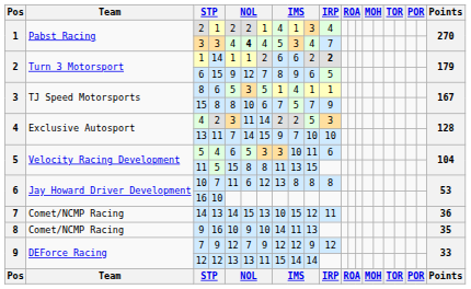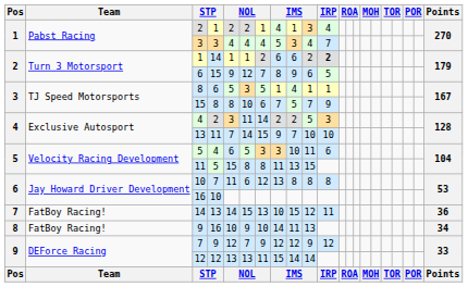 <table class="wikitable" style="font-size:85%; text-align:center">
 <tr>
 <th valign="middle">Pos</th>
 <th valign="middle">Team</th>
 <th colspan="2"><a href='#'>STP</a></th>
 <th colspan="3"><a href='#'>NOL</a></th>
 <th colspan="3"><a href='#'>IMS</a></th>
 <th><a href='#'>IRP</a></th>
 <th colspan="3"><a href='#'>ROA</a></th>
 <th colspan="2"><a href='#'>MOH</a></th>
 <th colspan="2"><a href='#'>TOR</a></th>
 <th colspan="2"><a href='#'>POR</a></th>
 <th valign="middle">Points</th>
 </tr>
 <tr>
 <th rowspan="2">1</th>
 <td rowspan="2" align="left"><a href='#'>Pabst Racing</a></td>
 <td style="background:#DFDFDF;">2</td>
 <td style="background:#FFFFBF;">1</td>
 <td style="background:#DFDFDF;">2</td>
 <td style="background:#DFDFDF;">2</td>
 <td style="background:#FFFFBF;">1</td>
 <td style="background:#DFFFDF;">4</td>
 <td style="background:#FFFFBF;">1</td>
 <td style="background:#FFDF9F;">3</td>
 <td style="background:#DFFFDF;">4</td>
 <td></td>
 <td></td>
 <td></td>
 <td></td>
 <td></td>
 <td></td>
 <td></td>
 <td></td>
 <td></td>
 <th rowspan="2">270</th>
 </tr>
 <tr>
 <td style="background:#FFDF9F;">3</td>
 <td style="background:#FFDF9F;">3</td>
 <td style="background:#DFFFDF;">4</td>
-<td style="background:#DFFFDF;"><strong>4</strong></td>
+<td style="background:#DFFFDF;">4</td>
 <td style="background:#DFFFDF;">4</td>
 <td style="background:#DFFFDF;">5</td>
 <td style="background:#FFDF9F;">3</td>
 <td style="background:#DFFFDF;">4</td>
 <td style="background:#CFEAFF;">7</td>
 <td></td>
 <td></td>
 <td></td>
 <td></td>
 <td></td>
 <td></td>
 <td></td>
 <td></td>
 <td></td>
 </tr>
 <tr>
 <th rowspan="2">2</th>
 <td rowspan="2" align="left"><a href='#'>Turn 3 Motorsport</a></td>
 <td style="background:#FFFFBF;">1</td>
 <td style="background:#CFEAFF;">14</td>
 <td style="background:#FFFFBF;">1</td>
 <td style="background:#FFFFBF;">1</td>
 <td style="background:#DFDFDF;">2</td>
 <td style="background:#CFEAFF;">6</td>
 <td style="background:#CFEAFF;">6</td>
 <td style="background:#DFDFDF;">2</td>
 <td style="background:#DFDFDF;"><strong>2</strong></td>
 <td></td>
 <td></td>
 <td></td>
 <td></td>
 <td></td>
 <td></td>
 <td></td>
 <td></td>
 <td></td>
 <th rowspan="2">179</th>
 </tr>
 <tr>
 <td style="background:#CFEAFF;">6</td>
 <td style="background:#CFEAFF;">15</td>
 <td style="background:#CFEAFF;">9</td>
 <td style="background:#CFEAFF;">12</td>
 <td style="background:#CFEAFF;">7</td>
 <td style="background:#CFEAFF;">8</td>
 <td style="background:#CFEAFF;">9</td>
 <td style="background:#CFEAFF;">6</td>
 <td style="background:#DFFFDF;">5</td>
 <td></td>
 <td></td>
 <td></td>
 <td></td>
 <td></td>
 <td></td>
 <td></td>
 <td></td>
 <td></td>
 </tr>
 <tr>
 <th rowspan="2">3</th>
 <td rowspan="2" align="left">TJ Speed Motorsports</td>
 <td style="background:#CFEAFF;">8</td>
 <td style="background:#CFEAFF;">6</td>
 <td style="background:#DFFFDF;">5</td>
 <td style="background:#FFDF9F;">3</td>
 <td style="background:#DFFFDF;">5</td>
 <td style="background:#FFFFBF;">1</td>
 <td style="background:#DFFFDF;">4</td>
 <td style="background:#FFFFBF;">1</td>
 <td style="background:#FFFFBF;">1</td>
 <td></td>
 <td></td>
 <td></td>
 <td></td>
 <td></td>
 <td></td>
 <td></td>
 <td></td>
 <td></td>
 <th rowspan="2">167</th>
 </tr>
 <tr>
 <td style="background:#CFEAFF;">15</td>
 <td style="background:#CFEAFF;">8</td>
 <td style="background:#CFEAFF;">8</td>
 <td style="background:#CFEAFF;">10</td>
 <td style="background:#CFEAFF;">6</td>
 <td style="background:#CFEAFF;">7</td>
 <td style="background:#DFFFDF;">5</td>
 <td style="background:#CFEAFF;">7</td>
 <td style="background:#CFEAFF;">9</td>
 <td></td>
 <td></td>
 <td></td>
 <td></td>
 <td></td>
 <td></td>
 <td></td>
 <td></td>
 <td></td>
 </tr>
 <tr>
 <th rowspan="2">4</th>
 <td rowspan="2" align="left">Exclusive Autosport</td>
 <td style="background:#DFFFDF;">4</td>
 <td style="background:#DFDFDF;">2</td>
 <td style="background:#FFDF9F;">3</td>
 <td style="background:#CFEAFF;">11</td>
 <td style="background:#CFEAFF;">14</td>
 <td style="background:#DFDFDF;">2</td>
 <td style="background:#DFDFDF;">2</td>
 <td style="background:#DFFFDF;">5</td>
 <td style="background:#FFDF9F;">3</td>
 <td></td>
 <td></td>
 <td></td>
 <td></td>
 <td></td>
 <td></td>
 <td></td>
 <td></td>
 <td></td>
 <th rowspan="2">128</th>
 </tr>
 <tr>
 <td style="background:#CFEAFF;">13</td>
 <td style="background:#CFEAFF;">11</td>
 <td style="background:#CFEAFF;">7</td>
 <td style="background:#CFEAFF;">14</td>
 <td style="background:#CFEAFF;">15</td>
 <td style="background:#CFEAFF;">9</td>
 <td style="background:#CFEAFF;">7</td>
 <td style="background:#CFEAFF;">10</td>
 <td style="background:#CFEAFF;">10</td>
 <td></td>
 <td></td>
 <td></td>
 <td></td>
 <td></td>
 <td></td>
 <td></td>
 <td></td>
 <td></td>
 </tr>
 <tr>
 <th rowspan="2">5</th>
 <td rowspan="2" align="left"><a href='#'>Velocity Racing Development</a></td>
 <td style="background:#DFFFDF;">5</td>
 <td style="background:#DFFFDF;">4</td>
 <td style="background:#CFEAFF;">6</td>
 <td style="background:#DFFFDF;">5</td>
 <td style="background:#FFDF9F;">3</td>
 <td style="background:#FFDF9F;">3</td>
 <td style="background:#CFEAFF;">10</td>
 <td style="background:#CFEAFF;">11</td>
 <td style="background:#CFEAFF;">6</td>
 <td></td>
 <td></td>
 <td></td>
 <td></td>
 <td></td>
 <td></td>
 <td></td>
 <td></td>
 <td></td>
 <th rowspan="2">104</th>
 </tr>
 <tr>
 <td style="background:#CFEAFF;">11</td>
 <td style="background:#DFFFDF;">5</td>
 <td style="background:#CFEAFF;">15</td>
 <td style="background:#CFEAFF;">8</td>
 <td style="background:#CFEAFF;">8</td>
 <td style="background:#CFEAFF;">11</td>
 <td style="background:#CFEAFF;">13</td>
 <td style="background:#CFEAFF;">15</td>
 <td></td>
 <td></td>
 <td></td>
 <td></td>
 <td></td>
 <td></td>
 <td></td>
 <td></td>
 <td></td>
 <td></td>
 </tr>
 <tr>
 <th rowspan="2">6</th>
 <td rowspan="2" align="left"><a href='#'>Jay Howard Driver Development</a></td>
 <td style="background:#CFEAFF;">10</td>
 <td style="background:#CFEAFF;">7</td>
 <td style="background:#CFEAFF;">11</td>
 <td style="background:#CFEAFF;">6</td>
 <td style="background:#CFEAFF;">12</td>
 <td style="background:#CFEAFF;">13</td>
 <td style="background:#CFEAFF;">8</td>
 <td style="background:#CFEAFF;">8</td>
 <td style="background:#CFEAFF;">8</td>
 <td></td>
 <td></td>
 <td></td>
 <td></td>
 <td></td>
 <td></td>
 <td></td>
 <td></td>
 <td></td>
 <th rowspan="2">53</th>
 </tr>
 <tr>
 <td style="background:#CFEAFF;">16</td>
 <td style="background:#CFEAFF;">10</td>
 <td></td>
 <td></td>
 <td></td>
 <td></td>
 <td></td>
 <td></td>
 <td></td>
 <td></td>
 <td></td>
 <td></td>
 <td></td>
 <td></td>
 <td></td>
 <td></td>
 <td></td>
 <td></td>
 </tr>
 <tr>
 <th>7</th>
-<td align="left">Comet/NCMP Racing</td>
+<td align="left">FatBoy Racing!</td>
 <td style="background:#CFEAFF;">14</td>
 <td style="background:#CFEAFF;">13</td>
 <td style="background:#CFEAFF;">14</td>
 <td style="background:#CFEAFF;">15</td>
 <td style="background:#CFEAFF;">13</td>
 <td style="background:#CFEAFF;">10</td>
 <td style="background:#CFEAFF;">15</td>
 <td style="background:#CFEAFF;">12</td>
 <td style="background:#CFEAFF;">11</td>
 <td></td>
 <td></td>
 <td></td>
 <td></td>
 <td></td>
 <td></td>
 <td></td>
 <td></td>
 <td></td>
 <th>36</th>
 </tr>
 <tr>
 <th>8</th>
-<td align="left">Comet/NCMP Racing</td>
+<td align="left">FatBoy Racing!</td>
 <td style="background:#CFEAFF;">9</td>
 <td style="background:#CFEAFF;">16</td>
 <td style="background:#CFEAFF;">10</td>
 <td style="background:#CFEAFF;">9</td>
 <td style="background:#CFEAFF;">10</td>
 <td style="background:#CFEAFF;">14</td>
 <td style="background:#CFEAFF;">11</td>
 <td style="background:#CFEAFF;">13</td>
 <td></td>
 <td></td>
 <td></td>
 <td></td>
 <td></td>
 <td></td>
 <td></td>
 <td></td>
 <td></td>
 <td></td>
-<th>35</th>
+<th>34</th>
 </tr>
 <tr>
 <th rowspan="2">9</th>
 <td rowspan="2" align="left"><a href='#'>DEForce Racing</a></td>
 <td style="background:#CFEAFF;">7</td>
 <td style="background:#CFEAFF;">9</td>
 <td style="background:#CFEAFF;">12</td>
 <td style="background:#CFEAFF;">7</td>
 <td style="background:#CFEAFF;">9</td>
 <td style="background:#CFEAFF;">12</td>
 <td style="background:#CFEAFF;">12</td>
 <td style="background:#CFEAFF;">9</td>
 <td style="background:#CFEAFF;">12</td>
 <td></td>
 <td></td>
 <td></td>
 <td></td>
 <td></td>
 <td></td>
 <td></td>
 <td></td>
 <td></td>
 <th rowspan="2">33</th>
 </tr>
 <tr>
 <td style="background:#CFEAFF;">12</td>
 <td style="background:#CFEAFF;">12</td>
 <td style="background:#CFEAFF;">13</td>
 <td style="background:#CFEAFF;">13</td>
 <td style="background:#CFEAFF;">11</td>
 <td style="background:#CFEAFF;">15</td>
 <td style="background:#CFEAFF;">14</td>
 <td style="background:#CFEAFF;">14</td>
 <td></td>
 <td></td>
 <td></td>
 <td></td>
 <td></td>
 <td></td>
 <td></td>
 <td></td>
 <td></td>
 <td></td>
 </tr>
 <tr>
 <th>Pos</th>
 <th>Team</th>
 <th colspan="2"><a href='#'>STP</a></th>
 <th colspan="3"><a href='#'>NOL</a></th>
 <th colspan="3"><a href='#'>IMS</a></th>
 <th><a href='#'>IRP</a></th>
 <th colspan="3"><a href='#'>ROA</a></th>
 <th colspan="2"><a href='#'>MOH</a></th>
 <th colspan="2"><a href='#'>TOR</a></th>
 <th colspan="2"><a href='#'>POR</a></th>
 <th>Points</th>
 </tr>
 </table>
